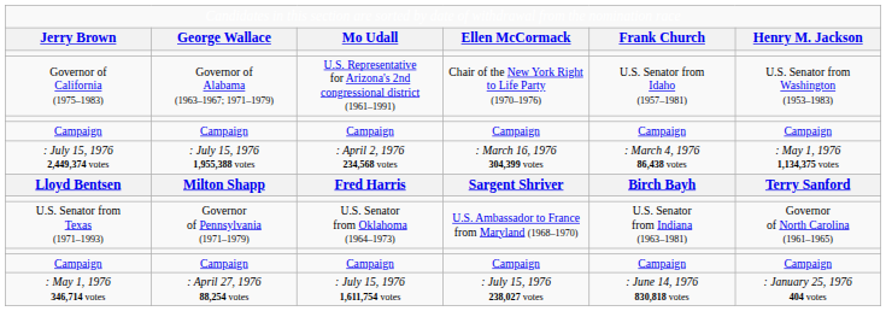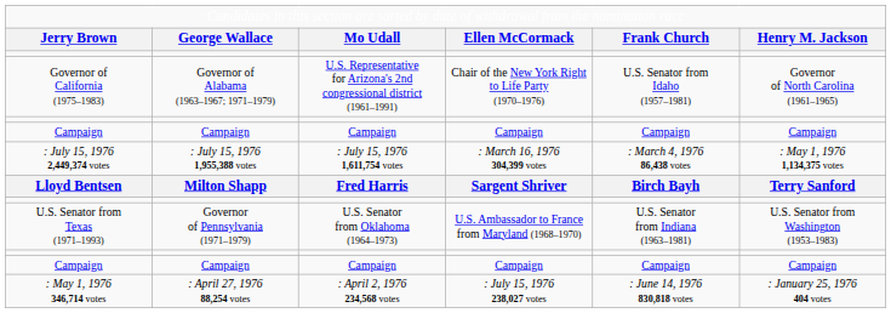 <table class="wikitable" style="font-size:90%">
 <tr>
 <td colspan="16" style="text-align:center; width:600px; font-size:120%; color:white; background:"><em>Candidates in this section are sorted by date of withdrawal from the nomination race</em></td>
 </tr>
 <tr>
 <th scope="col" style="width:10em; font-size:120%;"><a href='#'>Jerry Brown</a></th>
 <th scope="col" style="width:10em; font-size:120%;"><a href='#'>George Wallace</a></th>
 <th scope="col" style="width:10em; font-size:120%;"><a href='#'>Mo Udall</a></th>
 <th scope="col" style="width:10em; font-size:120%;"><a href='#'>Ellen McCormack</a></th>
 <th scope="col" style="width:10em; font-size:120%;"><a href='#'>Frank Church</a></th>
 <th scope="col" style="width:10em; font-size:120%;"><a href='#'>Henry M. Jackson</a></th>
 </tr>
 <tr>
 <td></td>
 <td></td>
 <td></td>
 <td></td>
 <td></td>
 <td></td>
 </tr>
 <tr style="text-align:center">
 <td>Governor of<br><a href='#'>California</a><br><small>(1975–1983)</small></td>
 <td>Governor of<br><a href='#'>Alabama</a><br><small>(1963–1967; 1971–1979)</small></td>
 <td><a href='#'>U.S. Representative</a><strong><br></strong>for <a href='#'>Arizona's 2nd congressional district</a><br><small>(1961–1991)</small></td>
 <td>Chair of the <a href='#'>New York Right to Life Party</a><br><small>(1970–1976)</small></td>
 <td>U.S. Senator from<br><a href='#'>Idaho</a><br><small>(1957–1981)</small></td>
-<td>U.S. Senator from<br><a href='#'>Washington</a><br><small>(1953–1983)</small></td>
+<td>Governor<br>of <a href='#'>North Carolina</a><br><small>(1961–1965)</small></td>
 </tr>
 <tr style="text-align:center">
 <td></td>
 <td></td>
 <td></td>
 <td></td>
 <td></td>
 <td></td>
 </tr>
 <tr style="text-align:center">
 <td><a href='#'>Campaign</a></td>
 <td><a href='#'>Campaign</a></td>
 <td><a href='#'>Campaign</a></td>
 <td><a href='#'>Campaign</a></td>
 <td><a href='#'>Campaign</a></td>
 <td><a href='#'>Campaign</a></td>
 </tr>
 <tr style="text-align:center">
 <td><em>: July 15, 1976</em><br><small><strong>2,449,374</strong> votes</small></td>
 <td><em>: July 15, 1976</em><br><small><strong>1,955,388</strong> votes</small></td>
-<td><em>: April 2, 1976</em><br><small><strong>234,568</strong> votes</small></td>
+<td><em>: July 15, 1976</em><br><small><strong>1,611,754</strong> votes</small></td>
 <td><em>: March 16, 1976</em><br><small><strong>304,399</strong> votes</small></td>
 <td><em>: March 4, 1976</em><br><small><strong>86,438</strong> votes</small></td>
 <td><em>: May 1, 1976</em><br><small><strong>1,134,375</strong> votes</small></td>
 </tr>
 <tr>
 <th scope="col" style="width:10em; font-size:120%;"><a href='#'>Lloyd Bentsen</a></th>
 <th scope="col" style="width:10em; font-size:120%;"><a href='#'>Milton Shapp</a></th>
 <th scope="col" style="width:10em; font-size:120%;"><a href='#'>Fred Harris</a></th>
 <th scope="col" style="width:10em; font-size:120%;"><a href='#'>Sargent Shriver</a></th>
 <th scope="col" style="width:10em; font-size:120%;"><a href='#'>Birch Bayh</a></th>
 <th scope="col" style="width:10em; font-size:120%;"><a href='#'>Terry Sanford</a></th>
 </tr>
 <tr>
 <td></td>
 <td></td>
 <td></td>
 <td></td>
 <td></td>
 <td></td>
 </tr>
 <tr style="text-align:center">
 <td>U.S. Senator from<br><a href='#'>Texas</a><br><small>(1971–1993)</small></td>
 <td>Governor<br>of <a href='#'>Pennsylvania</a><br><small>(1971–1979)</small></td>
 <td>U.S. Senator<br>from <a href='#'>Oklahoma</a><br><small>(1964–1973)</small></td>
 <td><a href='#'>U.S. Ambassador to France</a> from <a href='#'>Maryland</a> <small>(1968–1970)</small></td>
 <td>U.S. Senator<br>from <a href='#'>Indiana</a><br><small>(1963–1981)</small></td>
-<td>Governor<br>of <a href='#'>North Carolina</a><br><small>(1961–1965)</small></td>
+<td>U.S. Senator from<br><a href='#'>Washington</a><br><small>(1953–1983)</small></td>
 </tr>
 <tr style="text-align:center">
 <td></td>
 <td></td>
 <td></td>
 <td></td>
 <td></td>
 <td></td>
 </tr>
 <tr style="text-align:center">
 <td><a href='#'>Campaign</a></td>
 <td><a href='#'>Campaign</a></td>
 <td><a href='#'>Campaign</a></td>
 <td><a href='#'>Campaign</a></td>
 <td><a href='#'>Campaign</a></td>
 <td><a href='#'>Campaign</a></td>
 </tr>
 <tr style="text-align:center">
 <td><em>: May 1, 1976</em><br><small><strong>346,714</strong> votes</small></td>
 <td><em>: April 27, 1976</em><br><small><strong>88,254</strong> votes</small></td>
-<td><em>: July 15, 1976</em><br><small><strong>1,611,754</strong> votes</small></td>
+<td><em>: April 2, 1976</em><br><small><strong>234,568</strong> votes</small></td>
 <td><em>: July 15, 1976</em><br><small><strong>238,027</strong> votes</small></td>
 <td><em>: June 14, 1976</em><br><small><strong>830,818</strong> votes</small></td>
 <td><em>: January 25, 1976</em><br><small><strong>404</strong> votes</small></td>
 </tr>
 </table>
